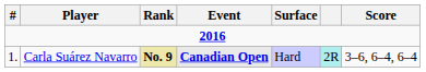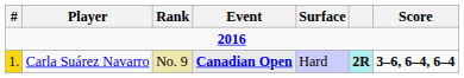 <table class="wikitable sortable">
 <tr>
 <th>#</th>
 <th>Player</th>
 <th>Rank</th>
 <th>Event</th>
 <th>Surface</th>
 <th></th>
 <th>Score</th>
 </tr>
 <tr>
 <td colspan=7 align=center><strong><a href='#'>2016</a></strong></td>
 </tr>
 <tr>
-<td>1.</td>
+<td style="background: gold;">1.</td>
 <td> <a href='#'>Carla Suárez Navarro</a></td>
-<td bgcolor=EEE8AA><strong>No. 9</strong></td>
+<td bgcolor=EEE8AA>No. 9</td>
 <td bgcolor=e9e9e9><strong><a href='#'>Canadian Open</a></strong></td>
 <td bgcolor=CCCCFF>Hard</td>
-<td bgcolor=afeeee>2R</td>
-<td>3–6, 6–4, 6–4</td>
+<td bgcolor=afeeee><strong>2R</strong></td>
+<td><strong>3–6, 6–4, 6–4</strong></td>
 </tr>
 </table>
